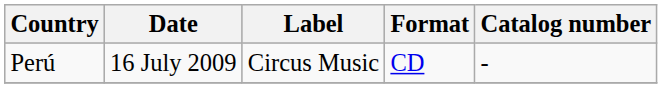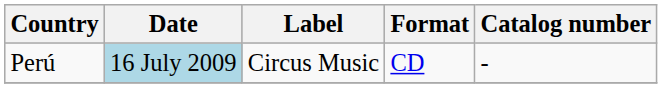 <table class="wikitable">
 <tr>
 <th>Country</th>
 <th>Date</th>
 <th>Label</th>
 <th>Format</th>
 <th>Catalog number</th>
 </tr>
 <tr>
 <td>Perú</td>
-<td>16 July 2009</td>
+<td style="background: lightblue;">16 July 2009</td>
 <td>Circus Music</td>
 <td><a href='#'>CD</a></td>
 <td>-</td>
 </tr>
 <tr>
 </tr>
 </table>
